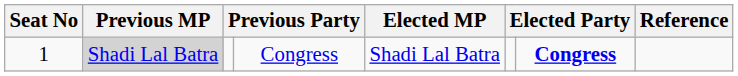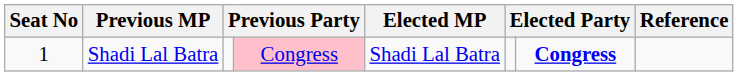 <table class="wikitable">
 <tr>
 <th>Seat No</th>
 <th>Previous MP</th>
 <th colspan=2>Previous Party</th>
 <th>Elected MP</th>
 <th colspan=2>Elected Party</th>
 <th>Reference</th>
 </tr>
 <tr style="text-align:center;">
 <td>1</td>
-<td style="background: lightgrey;"><a href='#'>Shadi Lal Batra</a></td>
+<td><a href='#'>Shadi Lal Batra</a></td>
 <td width="1px"></td>
-<td rowspan=1><a href='#'>Congress</a></td>
+<td rowspan=1 style="background: pink;"><a href='#'>Congress</a></td>
 <td><a href='#'>Shadi Lal Batra</a></td>
 <td width="1px"></td>
 <td rowspan=1><strong><a href='#'>Congress</a></strong></td>
 <td rowspan=1></td>
 </tr>
 </table>
